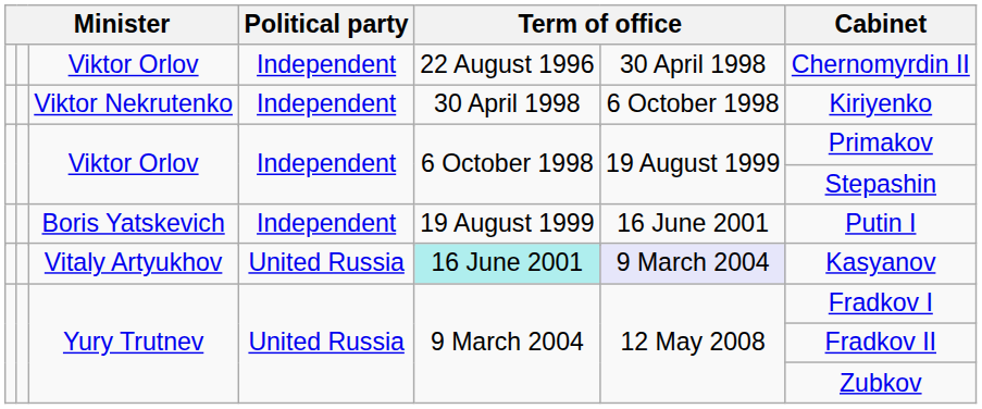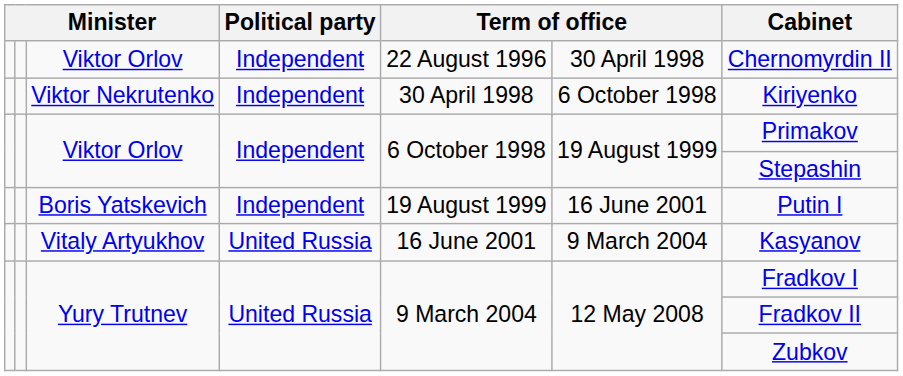 <table class="wikitable" style="text-align:center;">
 <tr>
 <th colspan=3>Minister</th>
 <th>Political party</th>
 <th colspan=2>Term of office</th>
 <th>Cabinet</th>
 </tr>
 <tr>
 <td style="background: "></td>
 <td></td>
 <td><a href='#'>Viktor Orlov</a></td>
 <td><a href='#'>Independent</a></td>
 <td>22 August 1996</td>
 <td>30 April 1998</td>
 <td><a href='#'>Chernomyrdin II</a></td>
 </tr>
 <tr>
 <td rowspan=2 style="background: "></td>
 <td rowspan=2></td>
 <td rowspan=2><a href='#'>Viktor Nekrutenko</a></td>
 <td rowspan=2><a href='#'>Independent</a></td>
 <td rowspan=2>30 April 1998</td>
 <td rowspan=2>6 October 1998</td>
 <td><a href='#'>Kiriyenko</a></td>
 </tr>
 <tr>
 <td rowspan=2><a href='#'>Primakov</a></td>
 </tr>
 <tr>
 <td rowspan=2 style="background: "></td>
 <td rowspan=2></td>
 <td rowspan=2><a href='#'>Viktor Orlov</a></td>
 <td rowspan=2><a href='#'>Independent</a></td>
 <td rowspan=2>6 October 1998</td>
 <td rowspan=2>19 August 1999</td>
 </tr>
 <tr>
 <td><a href='#'>Stepashin</a></td>
 </tr>
 <tr>
 <td rowspan=2 style="background: "></td>
 <td rowspan=2></td>
 <td rowspan=2><a href='#'>Boris Yatskevich</a></td>
 <td rowspan=2><a href='#'>Independent</a></td>
 <td rowspan=2>19 August 1999</td>
 <td rowspan=2>16 June 2001</td>
 <td><a href='#'>Putin I</a></td>
 </tr>
 <tr>
 <td rowspan=2><a href='#'>Kasyanov</a></td>
 </tr>
 <tr>
 <td style="background: "></td>
 <td></td>
 <td><a href='#'>Vitaly Artyukhov</a></td>
 <td><a href='#'>United Russia</a></td>
-<td style="background: paleturquoise;">16 June 2001</td>
-<td style="background: lavender;">9 March 2004</td>
+<td>16 June 2001</td>
+<td>9 March 2004</td>
 </tr>
 <tr>
 <td rowspan=3 style="background: "></td>
 <td rowspan=3></td>
 <td rowspan=3><a href='#'>Yury Trutnev</a></td>
 <td rowspan=3><a href='#'>United Russia</a></td>
 <td rowspan=3>9 March 2004</td>
 <td rowspan=3>12 May 2008</td>
 <td><a href='#'>Fradkov I</a></td>
 </tr>
 <tr>
 <td><a href='#'>Fradkov II</a></td>
 </tr>
 <tr>
 <td><a href='#'>Zubkov</a></td>
 </tr>
 </table>
